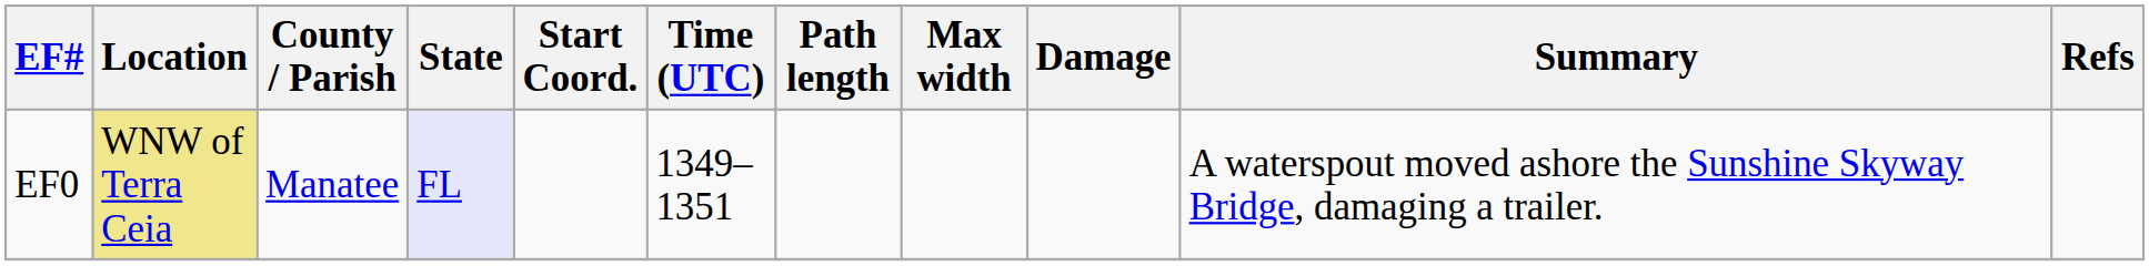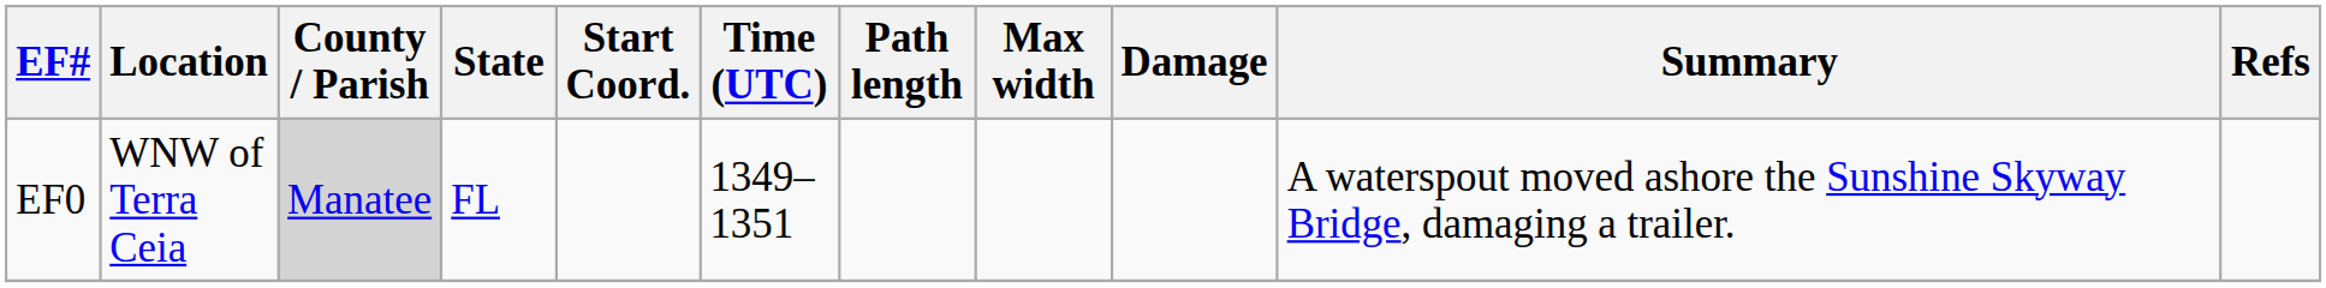 <table class="wikitable sortable" style="width:100%;">
 <tr>
 <th scope="col" width="3%" align="center"><a href='#'>EF#</a></th>
 <th scope="col" width="7%" align="center" class="unsortable">Location</th>
 <th scope="col" width="6%" align="center" class="unsortable">County / Parish</th>
 <th scope="col" width="5%" align="center">State</th>
 <th scope="col" width="6%" align="center">Start Coord.</th>
 <th scope="col" width="6%" align="center">Time (<a href='#'>UTC</a>)</th>
 <th scope="col" width="6%" align="center">Path length</th>
 <th scope="col" width="6%" align="center">Max width</th>
 <th scope="col" width="6%" align="center">Damage</th>
 <th scope="col" width="48%" class="unsortable" align="center">Summary</th>
 <th scope="col" width="48%" class="unsortable" align="center">Refs</th>
 </tr>
 <tr>
 <td>EF0</td>
-<td style="background: khaki;">WNW of <a href='#'>Terra Ceia</a></td>
-<td><a href='#'>Manatee</a></td>
-<td style="background: lavender;"><a href='#'>FL</a></td>
+<td>WNW of <a href='#'>Terra Ceia</a></td>
+<td style="background: lightgrey;"><a href='#'>Manatee</a></td>
+<td><a href='#'>FL</a></td>
 <td></td>
 <td>1349–1351</td>
 <td></td>
 <td></td>
 <td></td>
 <td>A waterspout moved ashore the <a href='#'>Sunshine Skyway Bridge</a>, damaging a trailer.</td>
 <td></td>
 </tr>
 <tr>
 </tr>
 </table>
